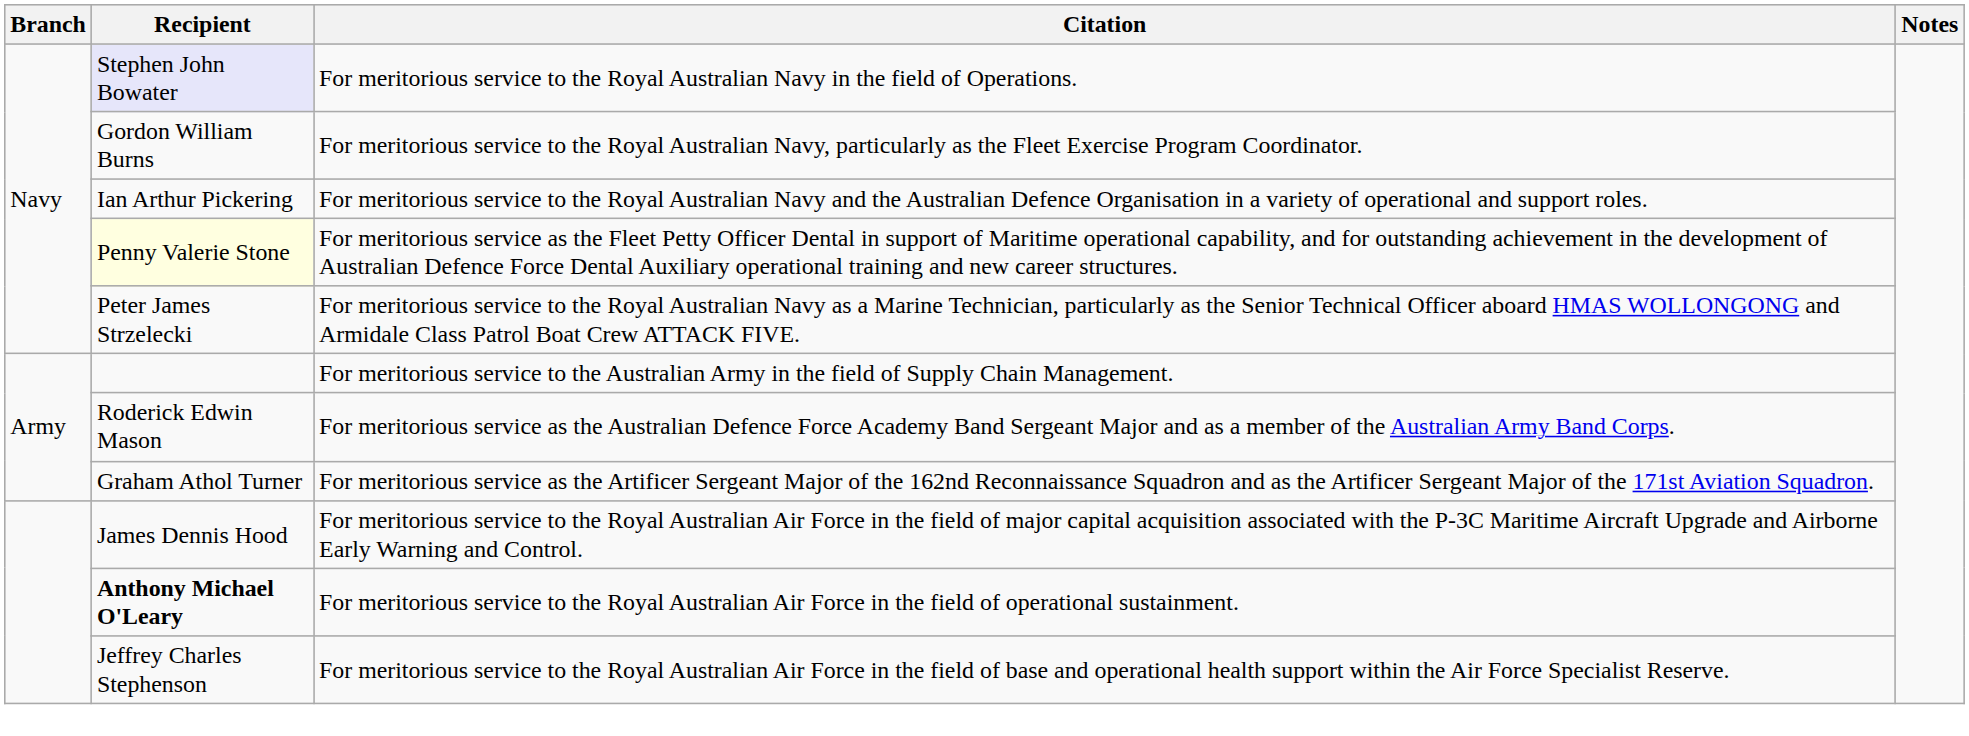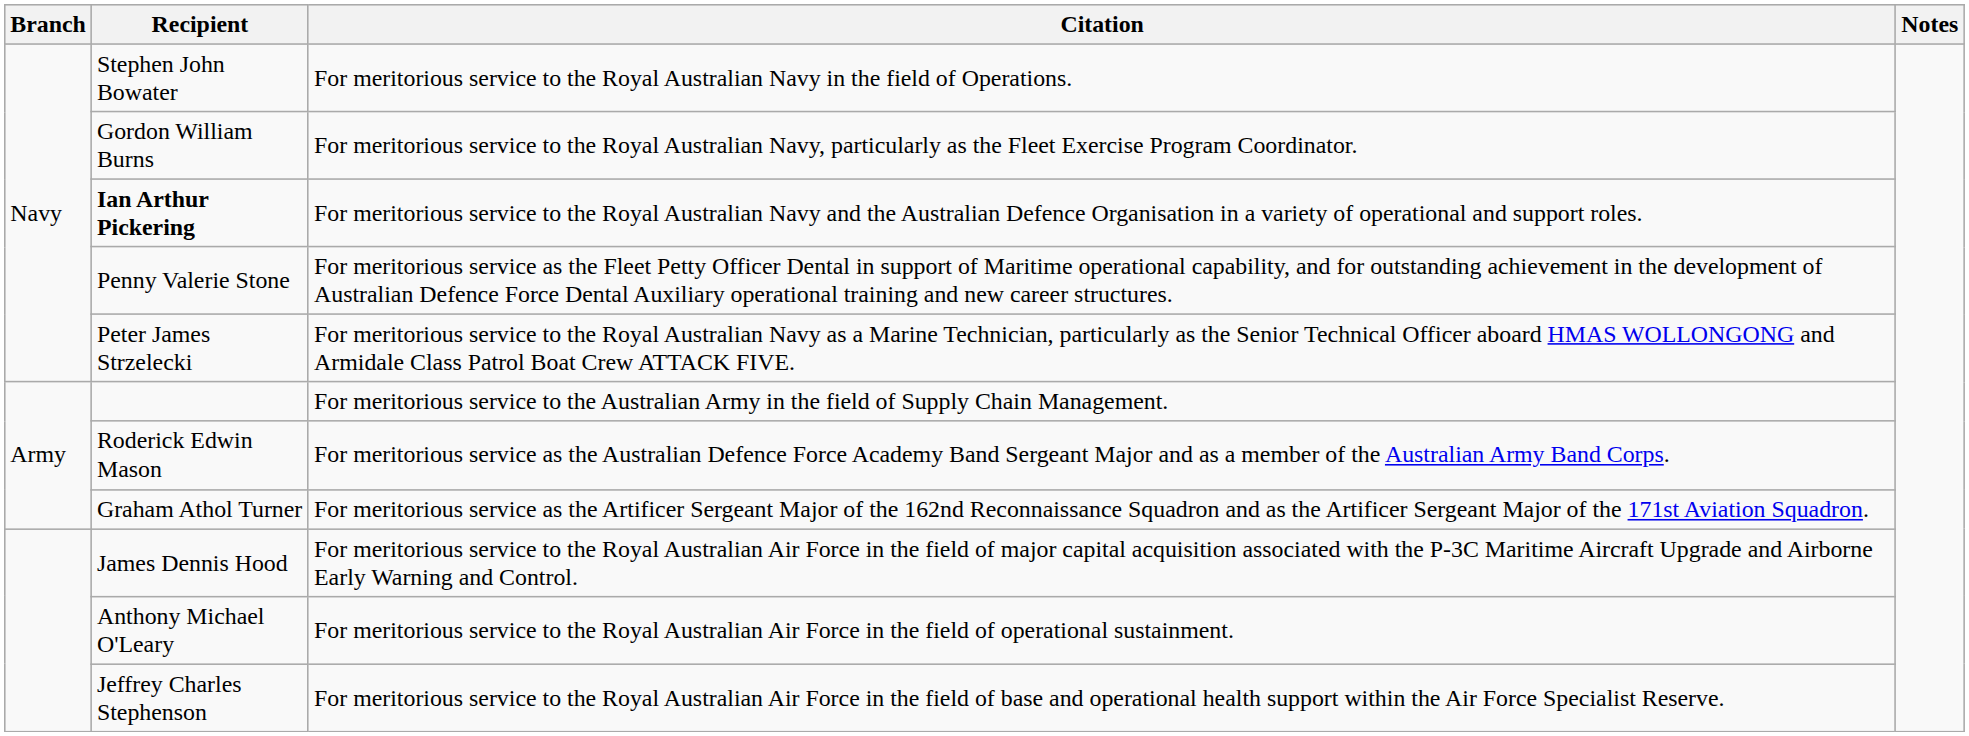 <table class="wikitable" style="font-size:95%;">
 <tr>
 <th>Branch</th>
 <th>Recipient</th>
 <th>Citation</th>
 <th>Notes</th>
 </tr>
 <tr>
 <td rowspan=5>Navy</td>
-<td style="background: lavender;"> Stephen John Bowater</td>
+<td> Stephen John Bowater</td>
 <td>For meritorious service to the Royal Australian Navy in the field of Operations.</td>
 <td rowspan=11></td>
 </tr>
 <tr>
 <td> Gordon William Burns </td>
 <td>For meritorious service to the Royal Australian Navy, particularly as the Fleet Exercise Program Coordinator.</td>
 </tr>
 <tr>
-<td> Ian Arthur Pickering </td>
+<td><strong> Ian Arthur Pickering </strong></td>
 <td>For meritorious service to the Royal Australian Navy and the Australian Defence Organisation in a variety of operational and support roles.</td>
 </tr>
 <tr>
-<td style="background: lightyellow;"> Penny Valerie Stone</td>
+<td> Penny Valerie Stone</td>
 <td>For meritorious service as the Fleet Petty Officer Dental in support of Maritime operational capability, and for outstanding achievement in the development of Australian Defence Force Dental Auxiliary operational training and new career structures.</td>
 </tr>
 <tr>
 <td> Peter James Strzelecki</td>
 <td>For meritorious service to the Royal Australian Navy as a Marine Technician, particularly as the Senior Technical Officer aboard <a href='#'>HMAS WOLLONGONG</a> and Armidale Class Patrol Boat Crew ATTACK FIVE.</td>
 </tr>
 <tr>
 <td rowspan=3>Army</td>
 <td></td>
 <td>For meritorious service to the Australian Army in the field of Supply Chain Management.</td>
 </tr>
 <tr>
 <td> Roderick Edwin Mason</td>
 <td>For meritorious service as the Australian Defence Force Academy Band Sergeant Major and as a member of the <a href='#'>Australian Army Band Corps</a>.</td>
 </tr>
 <tr>
 <td> Graham Athol Turner</td>
 <td>For meritorious service as the Artificer Sergeant Major of the 162nd Reconnaissance Squadron and as the Artificer Sergeant Major of the <a href='#'>171st Aviation Squadron</a>.</td>
 </tr>
 <tr>
 <td rowspan=3></td>
 <td> James Dennis Hood</td>
 <td>For meritorious service to the Royal Australian Air Force in the field of major capital acquisition associated with the P-3C Maritime Aircraft Upgrade and Airborne Early Warning and Control.</td>
 </tr>
 <tr>
-<td><strong> Anthony Michael O'Leary</strong></td>
+<td> Anthony Michael O'Leary</td>
 <td>For meritorious service to the Royal Australian Air Force in the field of operational sustainment.</td>
 </tr>
 <tr>
 <td> Jeffrey Charles Stephenson</td>
 <td>For meritorious service to the Royal Australian Air Force in the field of base and operational health support within the Air Force Specialist Reserve.</td>
 </tr>
 </table>
